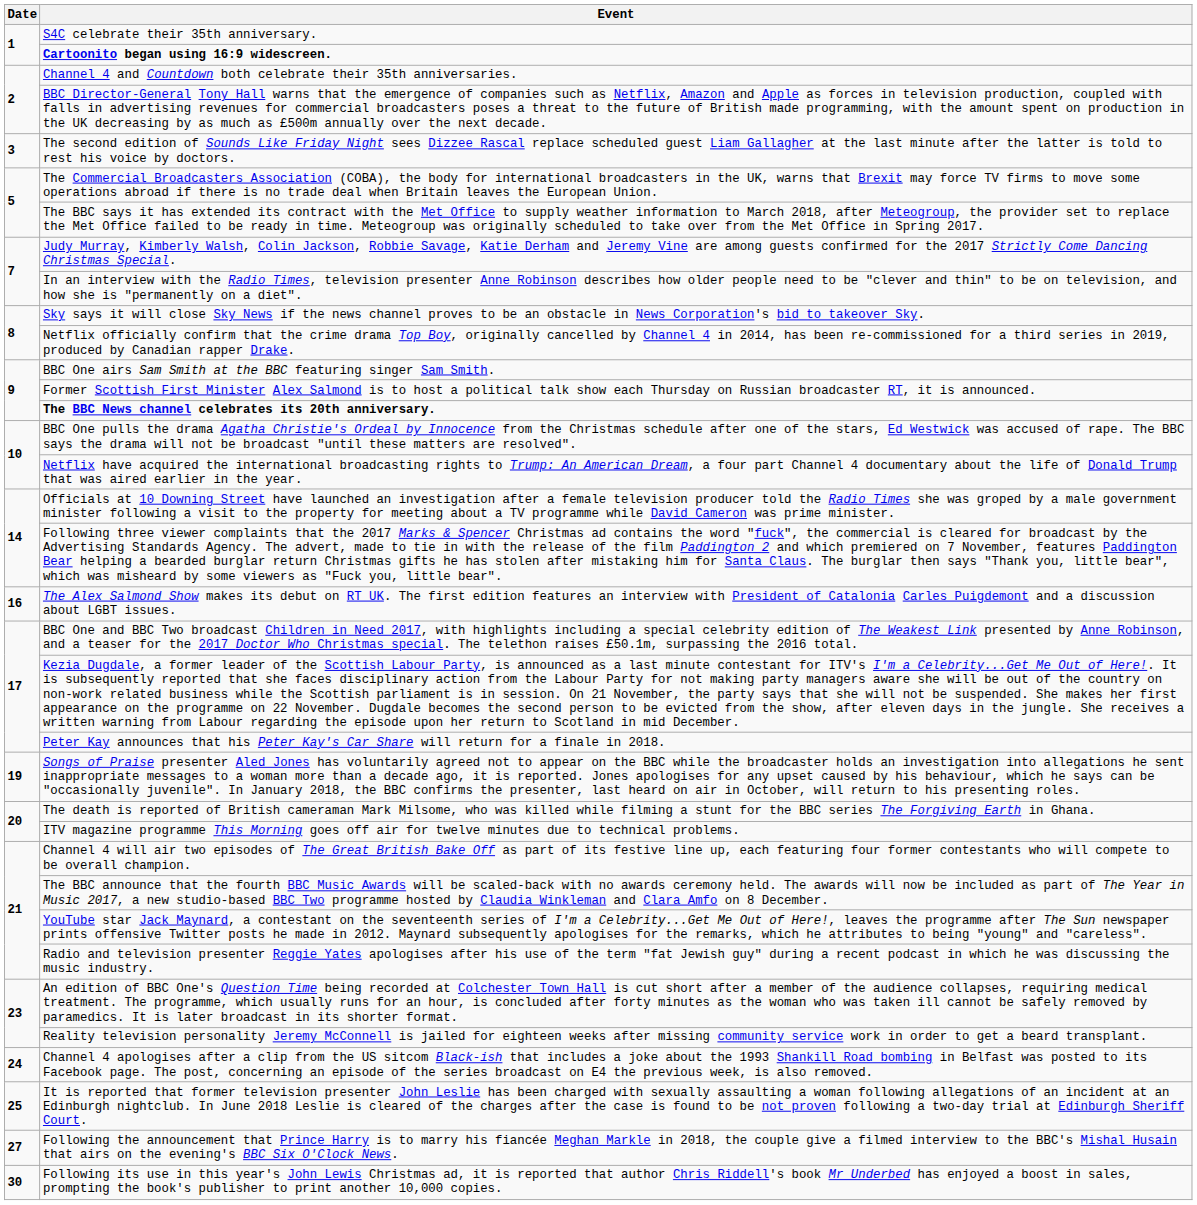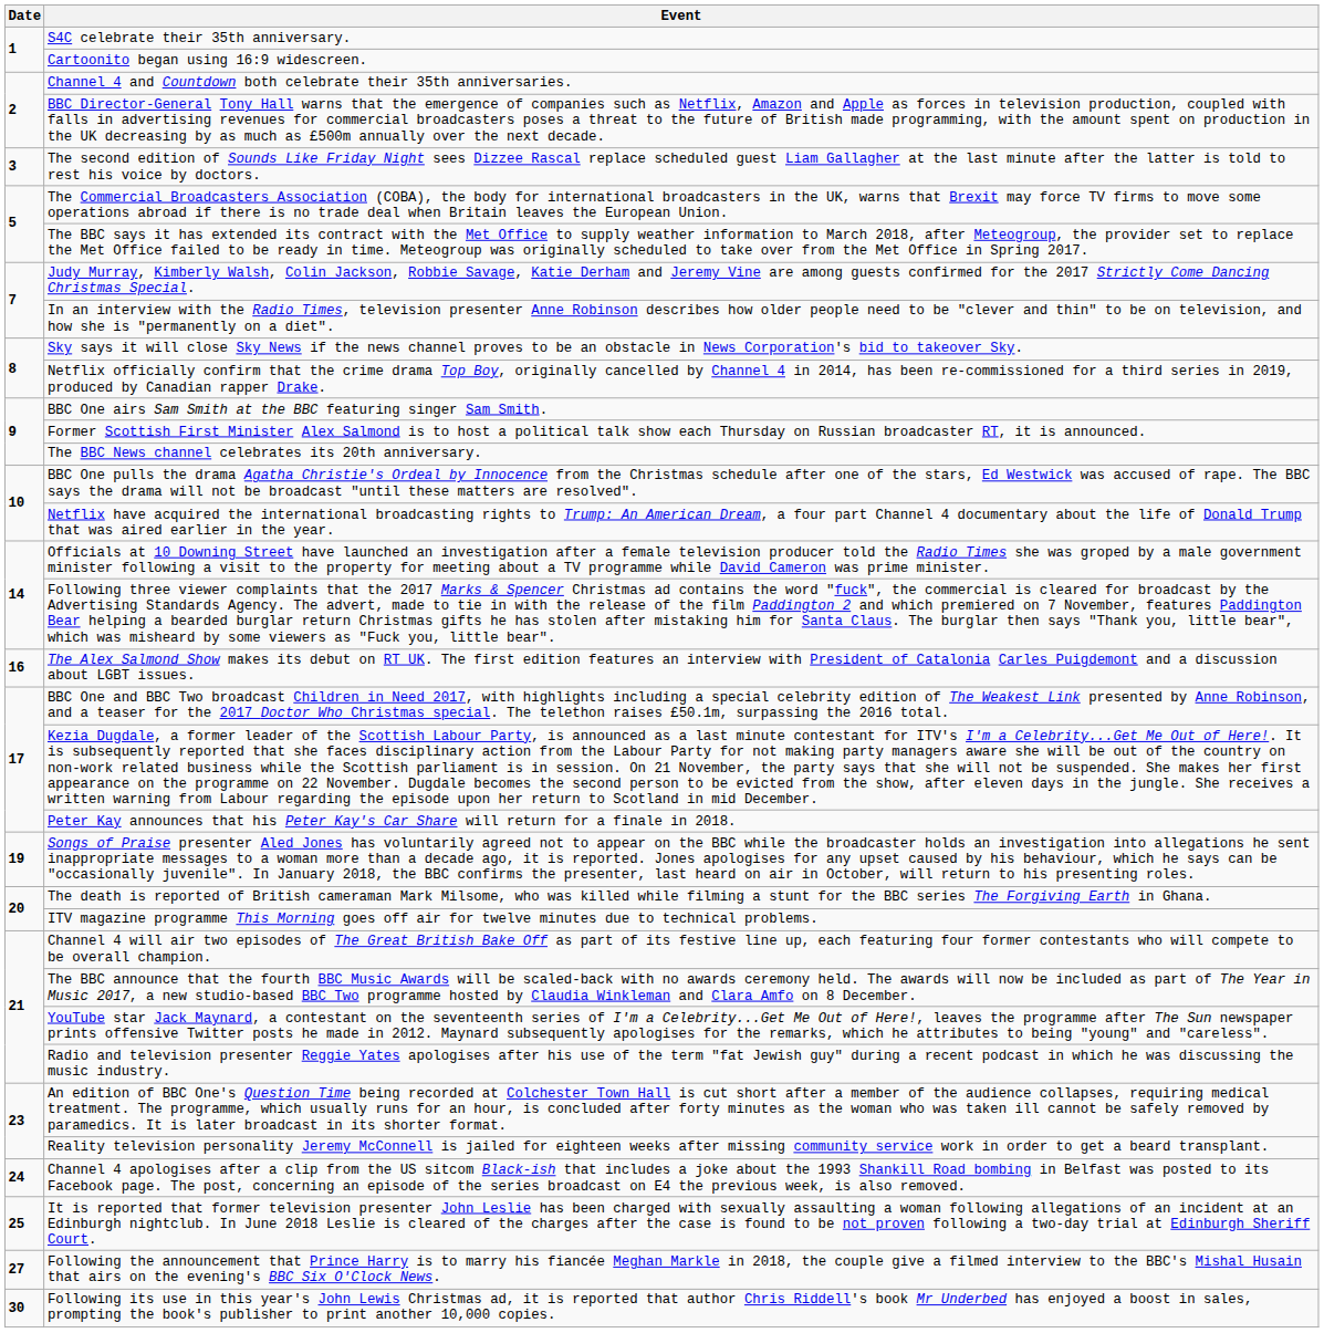 <table class="wikitable">
 <tr>
 <th>Date</th>
 <th>Event</th>
 </tr>
 <tr>
 <td rowspan=2><strong>1</strong></td>
 <td><a href='#'>S4C</a> celebrate their 35th anniversary.</td>
 </tr>
 <tr>
-<td><strong><a href='#'>Cartoonito</a> began using 16:9 widescreen.</strong></td>
+<td><a href='#'>Cartoonito</a> began using 16:9 widescreen.</td>
 </tr>
 <tr>
 <td rowspan=2><strong>2</strong></td>
 <td><a href='#'>Channel 4</a> and <em><a href='#'>Countdown</a></em> both celebrate their 35th anniversaries.</td>
 </tr>
 <tr>
 <td><a href='#'>BBC Director-General</a> <a href='#'>Tony Hall</a> warns that the emergence of companies such as <a href='#'>Netflix</a>, <a href='#'>Amazon</a> and <a href='#'>Apple</a> as forces in television production, coupled with falls in advertising revenues for commercial broadcasters poses a threat to the future of British made programming, with the amount spent on production in the UK decreasing by as much as £500m annually over the next decade.</td>
 </tr>
 <tr>
 <td><strong>3</strong></td>
 <td>The second edition of <em><a href='#'>Sounds Like Friday Night</a></em> sees <a href='#'>Dizzee Rascal</a> replace scheduled guest <a href='#'>Liam Gallagher</a> at the last minute after the latter is told to rest his voice by doctors.</td>
 </tr>
 <tr>
 <td rowspan=2><strong>5</strong></td>
 <td>The <a href='#'>Commercial Broadcasters Association</a> (COBA), the body for international broadcasters in the UK, warns that <a href='#'>Brexit</a> may force TV firms to move some operations abroad if there is no trade deal when Britain leaves the European Union.</td>
 </tr>
 <tr>
 <td>The BBC says it has extended its contract with the <a href='#'>Met Office</a> to supply weather information to March 2018, after <a href='#'>Meteogroup</a>, the provider set to replace the Met Office failed to be ready in time. Meteogroup was originally scheduled to take over from the Met Office in Spring 2017.</td>
 </tr>
 <tr>
 <td rowspan=2><strong>7</strong></td>
 <td><a href='#'>Judy Murray</a>, <a href='#'>Kimberly Walsh</a>, <a href='#'>Colin Jackson</a>, <a href='#'>Robbie Savage</a>, <a href='#'>Katie Derham</a> and <a href='#'>Jeremy Vine</a> are among guests confirmed for the 2017 <em><a href='#'>Strictly Come Dancing Christmas Special</a></em>.</td>
 </tr>
 <tr>
 <td>In an interview with the <em><a href='#'>Radio Times</a></em>, television presenter <a href='#'>Anne Robinson</a> describes how older people need to be "clever and thin" to be on television, and how she is "permanently on a diet".</td>
 </tr>
 <tr>
 <td rowspan=2><strong>8</strong></td>
 <td><a href='#'>Sky</a> says it will close <a href='#'>Sky News</a> if the news channel proves to be an obstacle in <a href='#'>News Corporation</a>'s <a href='#'>bid to takeover Sky</a>.</td>
 </tr>
 <tr>
 <td>Netflix officially confirm that the crime drama <em><a href='#'>Top Boy</a></em>, originally cancelled by <a href='#'>Channel 4</a> in 2014, has been re-commissioned for a third series in 2019, produced by Canadian rapper <a href='#'>Drake</a>.</td>
 </tr>
 <tr>
 <td rowspan=3><strong>9</strong></td>
 <td>BBC One airs <em>Sam Smith at the BBC</em> featuring singer <a href='#'>Sam Smith</a>.</td>
 </tr>
 <tr>
 <td>Former <a href='#'>Scottish First Minister</a> <a href='#'>Alex Salmond</a> is to host a political talk show each Thursday on Russian broadcaster <a href='#'>RT</a>, it is announced.</td>
 </tr>
 <tr>
-<td><strong>The <a href='#'>BBC News channel</a> celebrates its 20th anniversary.</strong></td>
+<td>The <a href='#'>BBC News channel</a> celebrates its 20th anniversary.</td>
 </tr>
 <tr>
 <td rowspan=2><strong>10</strong></td>
 <td>BBC One pulls the drama <em><a href='#'>Agatha Christie's Ordeal by Innocence</a></em> from the Christmas schedule after one of the stars, <a href='#'>Ed Westwick</a> was accused of rape. The BBC says the drama will not be broadcast "until these matters are resolved".</td>
 </tr>
 <tr>
 <td><a href='#'>Netflix</a> have acquired the international broadcasting rights to <em><a href='#'>Trump: An American Dream</a></em>, a four part Channel 4 documentary about the life of <a href='#'>Donald Trump</a> that was aired earlier in the year.</td>
 </tr>
 <tr>
 <td rowspan=2><strong>14</strong></td>
 <td>Officials at <a href='#'>10 Downing Street</a> have launched an investigation after a female television producer told the <em><a href='#'>Radio Times</a></em> she was groped by a male government minister following a visit to the property for meeting about a TV programme while <a href='#'>David Cameron</a> was prime minister.</td>
 </tr>
 <tr>
 <td>Following three viewer complaints that the 2017 <em><a href='#'>Marks & Spencer</a></em> Christmas ad contains the word "<a href='#'>fuck</a>", the commercial is cleared for broadcast by the Advertising Standards Agency. The advert, made to tie in with the release of the film <em><a href='#'>Paddington 2</a></em> and which premiered on 7 November, features <a href='#'>Paddington Bear</a> helping a bearded burglar return Christmas gifts he has stolen after mistaking him for <a href='#'>Santa Claus</a>. The burglar then says "Thank you, little bear", which was misheard by some viewers as "Fuck you, little bear".</td>
 </tr>
 <tr>
 <td><strong>16</strong></td>
 <td><em><a href='#'>The Alex Salmond Show</a></em> makes its debut on <a href='#'>RT UK</a>. The first edition features an interview with <a href='#'>President of Catalonia</a> <a href='#'>Carles Puigdemont</a> and a discussion about LGBT issues.</td>
 </tr>
 <tr>
 <td rowspan=3><strong>17</strong></td>
 <td>BBC One and BBC Two broadcast <a href='#'>Children in Need 2017</a>, with highlights including a special celebrity edition of <em><a href='#'>The Weakest Link</a></em> presented by <a href='#'>Anne Robinson</a>, and a teaser for the <a href='#'>2017 <em>Doctor Who</em> Christmas special</a>. The telethon raises £50.1m, surpassing the 2016 total.</td>
 </tr>
 <tr>
 <td><a href='#'>Kezia Dugdale</a>, a former leader of the <a href='#'>Scottish Labour Party</a>, is announced as a last minute contestant for ITV's <em><a href='#'>I'm a Celebrity...Get Me Out of Here!</a></em>. It is subsequently reported that she faces disciplinary action from the Labour Party for not making party managers aware she will be out of the country on non-work related business while the Scottish parliament is in session. On 21 November, the party says that she will not be suspended. She makes her first appearance on the programme on 22 November. Dugdale becomes the second person to be evicted from the show, after eleven days in the jungle. She receives a written warning from Labour regarding the episode upon her return to Scotland in mid December.</td>
 </tr>
 <tr>
 <td><a href='#'>Peter Kay</a> announces that his <em><a href='#'>Peter Kay's Car Share</a></em> will return for a finale in 2018.</td>
 </tr>
 <tr>
 <td><strong>19</strong></td>
 <td><em><a href='#'>Songs of Praise</a></em> presenter <a href='#'>Aled Jones</a> has voluntarily agreed not to appear on the BBC while the broadcaster holds an investigation into allegations he sent inappropriate messages to a woman more than a decade ago, it is reported. Jones apologises for any upset caused by his behaviour, which he says can be "occasionally juvenile". In January 2018, the BBC confirms the presenter, last heard on air in October, will return to his presenting roles.</td>
 </tr>
 <tr>
 <td rowspan=2><strong>20</strong></td>
 <td>The death is reported of British cameraman Mark Milsome, who was killed while filming a stunt for the BBC series <em><a href='#'>The Forgiving Earth</a></em> in Ghana.</td>
 </tr>
 <tr>
 <td>ITV magazine programme <em><a href='#'>This Morning</a></em> goes off air for twelve minutes due to technical problems.</td>
 </tr>
 <tr>
 <td rowspan=4><strong>21</strong></td>
 <td>Channel 4 will air two episodes of <em><a href='#'>The Great British Bake Off</a></em> as part of its festive line up, each featuring four former contestants who will compete to be overall champion.</td>
 </tr>
 <tr>
 <td>The BBC announce that the fourth <a href='#'>BBC Music Awards</a> will be scaled-back with no awards ceremony held. The awards will now be included as part of <em>The Year in Music 2017</em>, a new studio-based <a href='#'>BBC Two</a> programme hosted by <a href='#'>Claudia Winkleman</a> and <a href='#'>Clara Amfo</a> on 8 December.</td>
 </tr>
 <tr>
 <td><a href='#'>YouTube</a> star <a href='#'>Jack Maynard</a>, a contestant on the seventeenth series of <em>I'm a Celebrity...Get Me Out of Here!</em>, leaves the programme after <em>The Sun</em> newspaper prints offensive Twitter posts he made in 2012. Maynard subsequently apologises for the remarks, which he attributes to being "young" and "careless".</td>
 </tr>
 <tr>
 <td>Radio and television presenter <a href='#'>Reggie Yates</a> apologises after his use of the term "fat Jewish guy" during a recent podcast in which he was discussing the music industry.</td>
 </tr>
 <tr>
 <td rowspan=2><strong>23</strong></td>
 <td>An edition of BBC One's <em><a href='#'>Question Time</a></em> being recorded at <a href='#'>Colchester Town Hall</a> is cut short after a member of the audience collapses, requiring medical treatment. The programme, which usually runs for an hour, is concluded after forty minutes as the woman who was taken ill cannot be safely removed by paramedics. It is later broadcast in its shorter format.</td>
 </tr>
 <tr>
 <td>Reality television personality <a href='#'>Jeremy McConnell</a> is jailed for eighteen weeks after missing <a href='#'>community service</a> work in order to get a beard transplant.</td>
 </tr>
 <tr>
 <td><strong>24</strong></td>
 <td>Channel 4 apologises after a clip from the US sitcom <em><a href='#'>Black-ish</a></em> that includes a joke about the 1993 <a href='#'>Shankill Road bombing</a> in Belfast was posted to its Facebook page. The post, concerning an episode of the series broadcast on E4 the previous week, is also removed.</td>
 </tr>
 <tr>
 <td><strong>25</strong></td>
 <td>It is reported that former television presenter <a href='#'>John Leslie</a> has been charged with sexually assaulting a woman following allegations of an incident at an Edinburgh nightclub. In June 2018 Leslie is cleared of the charges after the case is found to be <a href='#'>not proven</a> following a two-day trial at <a href='#'>Edinburgh Sheriff Court</a>.</td>
 </tr>
 <tr>
 <td><strong>27</strong></td>
 <td>Following the announcement that <a href='#'>Prince Harry</a> is to marry his fiancée <a href='#'>Meghan Markle</a> in 2018, the couple give a filmed interview to the BBC's <a href='#'>Mishal Husain</a> that airs on the evening's <em><a href='#'>BBC Six O'Clock News</a></em>.</td>
 </tr>
 <tr>
 <td><strong>30</strong></td>
 <td>Following its use in this year's <a href='#'>John Lewis</a> Christmas ad, it is reported that author <a href='#'>Chris Riddell</a>'s book <em><a href='#'>Mr Underbed</a></em> has enjoyed a boost in sales, prompting the book's publisher to print another 10,000 copies.</td>
 </tr>
 </table>
